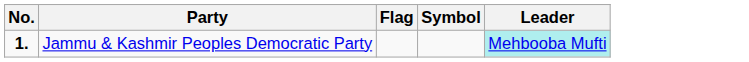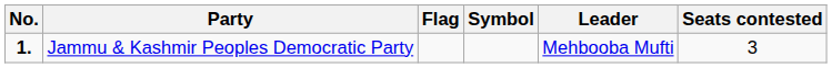 <table class="wikitable">
 <tr>
 <th>No.</th>
 <th>Party</th>
 <th>Flag</th>
 <th>Symbol</th>
 <th>Leader</th>
+<th>Seats contested</th>
 </tr>
 <tr>
 <td ! style="text-align:center; background:"><strong>1.</strong></td>
 <td style="text-align:center"><a href='#'>Jammu & Kashmir Peoples Democratic Party</a></td>
 <td></td>
 <td></td>
-<td style="background: paleturquoise; text-align:center"><a href='#'>Mehbooba Mufti</a></td>
+<td style="text-align:center"><a href='#'>Mehbooba Mufti</a></td>
+<td style="text-align:center">3</td>
 </tr>
 </table>
